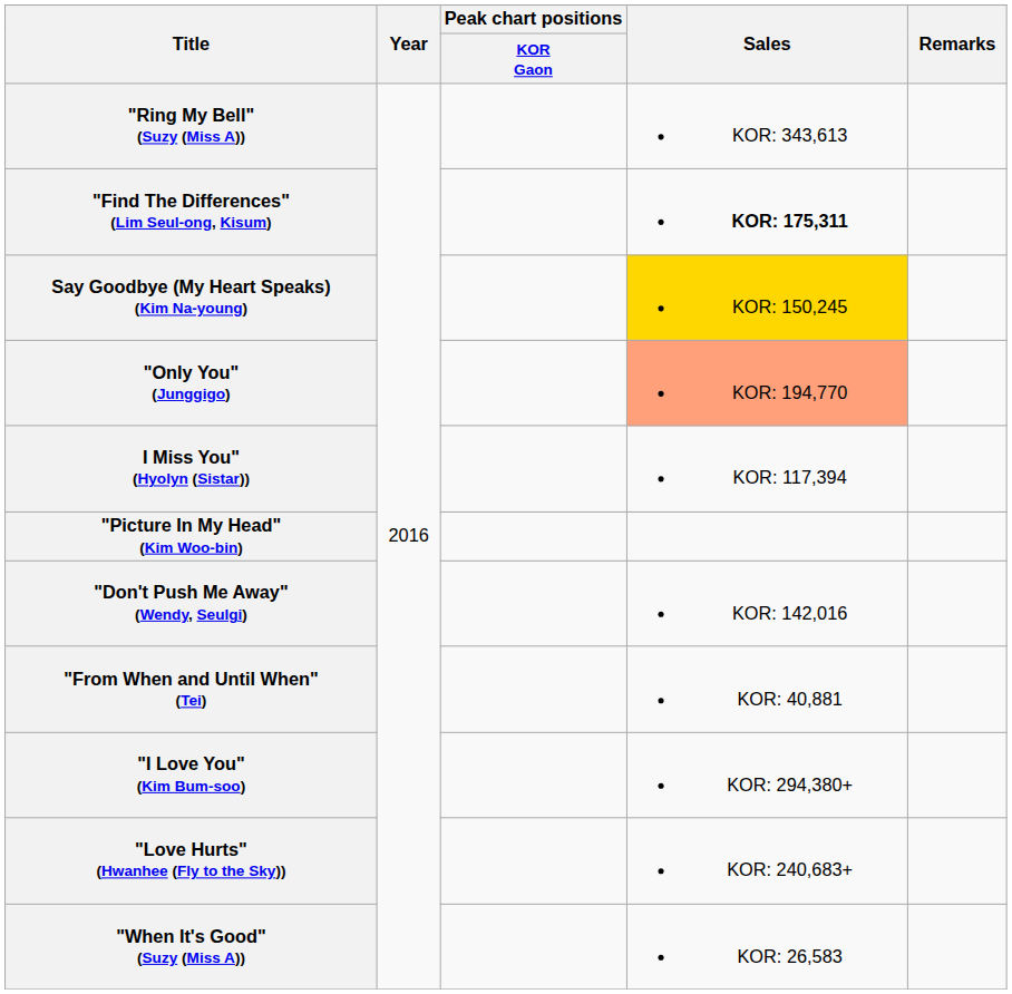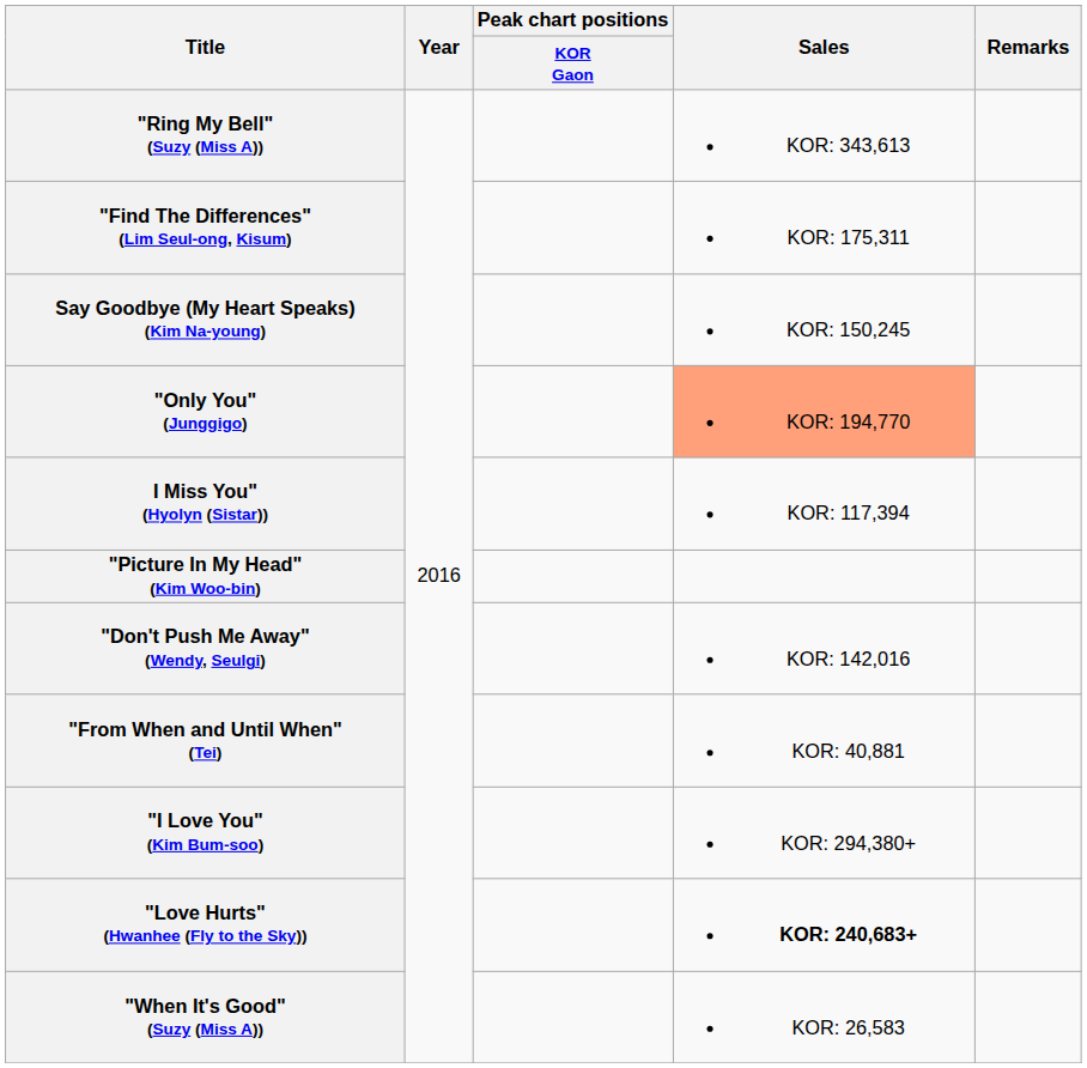 <table class="wikitable plainrowheaders" style="text-align:center;">
 <tr>
 <th scope="col" rowspan="2" style="width:20em;">Title</th>
 <th scope="col" rowspan="2" style="width:3em;">Year</th>
 <th scope="col">Peak chart positions</th>
 <th scope="col" rowspan="2" style="width:15em;">Sales</th>
 <th scope="col" rowspan="2" style="width:5em;">Remarks</th>
 </tr>
 <tr>
 <th><small><a href='#'>KOR</a></small><br><small><a href='#'>Gaon</a></small></th>
 </tr>
 <tr>
 <th scope="row">"Ring My Bell"<br><small>(<a href='#'>Suzy</a> (<a href='#'>Miss A</a>))</small></th>
 <td rowspan="11">2016</td>
 <td></td>
 <td><br><ul><li>KOR: 343,613</li></ul></td>
 <td></td>
 </tr>
 <tr>
 <th scope="row">"Find The Differences"<br><small>(<a href='#'>Lim Seul-ong</a>, <a href='#'>Kisum</a>)</small></th>
 <td></td>
-<td><strong><br><ul><li>KOR: 175,311</li></ul></strong></td>
+<td><br><ul><li>KOR: 175,311</li></ul></td>
 <td></td>
 </tr>
 <tr>
 <th scope="row">Say Goodbye (My Heart Speaks)<br><small>(<a href='#'>Kim Na-young</a>)</small></th>
 <td></td>
-<td style="background: gold;"><br><ul><li>KOR: 150,245</li></ul></td>
+<td><br><ul><li>KOR: 150,245</li></ul></td>
 <td></td>
 </tr>
 <tr>
 <th scope="row">"Only You"<br><small>(<a href='#'>Junggigo</a>)</small></th>
 <td></td>
 <td style="background: lightsalmon;"><br><ul><li>KOR: 194,770</li></ul></td>
 <td></td>
 </tr>
 <tr>
 <th scope="row">I Miss You"<br><small>(<a href='#'>Hyolyn</a> (<a href='#'>Sistar</a>))</small></th>
 <td></td>
 <td><br><ul><li>KOR: 117,394</li></ul></td>
 <td></td>
 </tr>
 <tr>
 <th scope="row">"Picture In My Head"<br><small>(<a href='#'>Kim Woo-bin</a>)</small></th>
 <td></td>
 <td></td>
 <td></td>
 </tr>
 <tr>
 <th scope="row">"Don't Push Me Away"<br><small>(<a href='#'>Wendy</a>, <a href='#'>Seulgi</a>)</small></th>
 <td></td>
 <td><br><ul><li>KOR: 142,016</li></ul></td>
 <td></td>
 </tr>
 <tr>
 <th scope="row">"From When and Until When"<br><small>(<a href='#'>Tei</a>)</small></th>
 <td></td>
 <td><br><ul><li>KOR: 40,881</li></ul></td>
 <td></td>
 </tr>
 <tr>
 <th scope="row">"I Love You"<br><small>(<a href='#'>Kim Bum-soo</a>)</small></th>
 <td></td>
 <td><br><ul><li>KOR: 294,380+</li></ul></td>
 <td></td>
 </tr>
 <tr>
 <th scope="row">"Love Hurts"<br><small>(<a href='#'>Hwanhee</a> (<a href='#'>Fly to the Sky</a>))</small></th>
 <td></td>
-<td><br><ul><li>KOR: 240,683+</li></ul></td>
+<td><strong><br><ul><li>KOR: 240,683+</li></ul></strong></td>
 <td></td>
 </tr>
 <tr>
 <th scope="row">"When It's Good"<br><small>(<a href='#'>Suzy</a> (<a href='#'>Miss A</a>))</small></th>
 <td></td>
 <td><br><ul><li>KOR: 26,583</li></ul></td>
 <td></td>
 </tr>
 </table>
